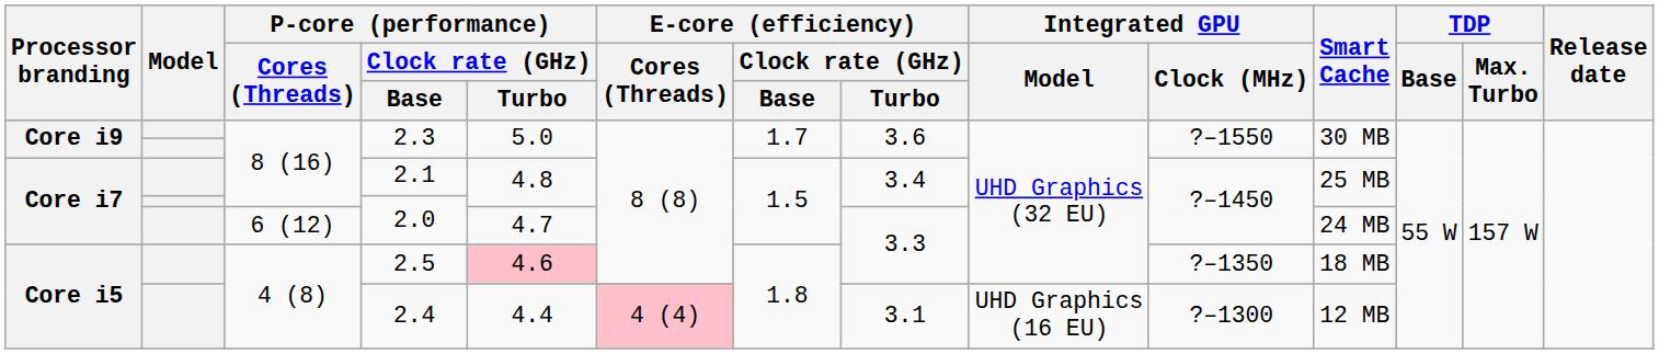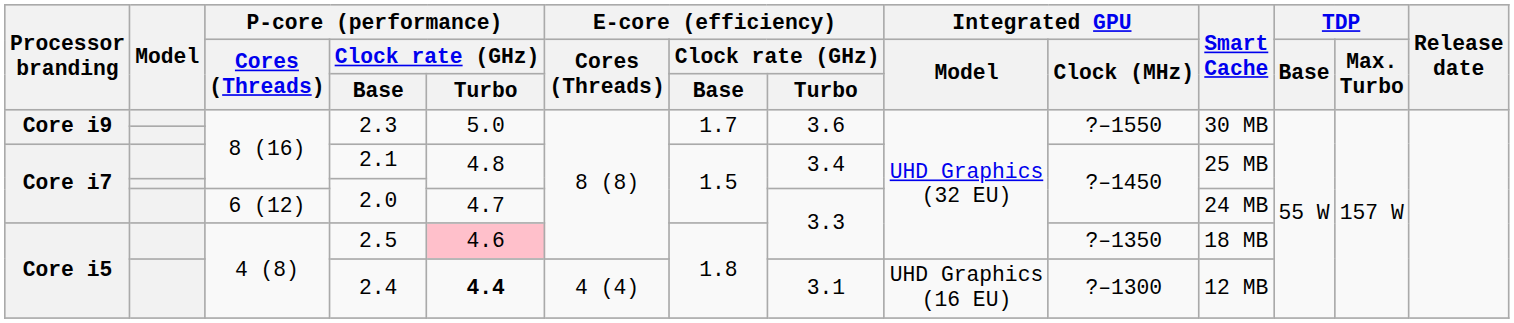 <table class="wikitable sortable nowrap" style="text-align: center;">
 <tr>
 <th class="unsortable" rowspan="3">Processor<br>branding</th>
 <th rowspan="3">Model</th>
 <th colspan="3">P-core (performance)</th>
 <th colspan="3">E-core (efficiency)</th>
 <th colspan="2">Integrated <a href='#'>GPU</a></th>
 <th class="unsortable" rowspan="3"><a href='#'>Smart<br>Cache</a></th>
 <th colspan="2"><a href='#'>TDP</a></th>
 <th rowspan="3">Release<br>date</th>
 </tr>
 <tr>
 <th class="unsortable" rowspan="2"><a href='#'>Cores</a><br>(<a href='#'>Threads</a>)</th>
 <th colspan="2"><a href='#'>Clock rate</a> (GHz)</th>
 <th class="unsortable" rowspan="2">Cores<br>(Threads)</th>
 <th colspan="2">Clock rate (GHz)</th>
 <th class="unsortable" rowspan="2">Model</th>
 <th class="unsortable" rowspan="2">Clock (MHz)</th>
 <th rowspan="2">Base</th>
 <th class="unsortable" rowspan="2">Max.<br>Turbo</th>
 </tr>
 <tr>
 <th class="unsortable">Base</th>
 <th class="unsortable">Turbo</th>
 <th class="unsortable">Base</th>
 <th class="unsortable">Turbo</th>
 </tr>
 <tr>
 <th rowspan="2">Core i9</th>
 <th style="text-align:left;" data-sort-value="sku7"></th>
 <td rowspan="4">8 (16)</td>
 <td rowspan="2">2.3</td>
 <td rowspan="2">5.0</td>
 <td rowspan="6">8 (8)</td>
 <td rowspan="2">1.7</td>
 <td rowspan="2">3.6</td>
 <td rowspan="6"><a href='#'>UHD Graphics</a><br>(32 EU)</td>
 <td rowspan="2">?–1550</td>
 <td rowspan="2">30 MB</td>
 <td rowspan="7">55 W</td>
 <td rowspan="7">157 W</td>
 <td rowspan="7"></td>
 </tr>
 <tr>
 <th style="text-align:left;" data-sort-value="sku6"></th>
 </tr>
 <tr>
 <th rowspan="3">Core i7</th>
 <th style="text-align:left;" data-sort-value="sku5"></th>
 <td>2.1</td>
 <td rowspan="2">4.8</td>
 <td rowspan="3">1.5</td>
 <td rowspan="2">3.4</td>
 <td rowspan="3">?–1450</td>
 <td rowspan="2">25 MB</td>
 </tr>
 <tr>
 <th style="text-align:left;" data-sort-value="sku4"></th>
 <td rowspan="2">2.0</td>
 </tr>
 <tr>
 <th style="text-align:left;" data-sort-value="sku3"></th>
 <td>6 (12)</td>
 <td>4.7</td>
 <td rowspan="2">3.3</td>
 <td>24 MB</td>
 </tr>
 <tr>
 <th rowspan="2">Core i5</th>
 <th style="text-align:left;" data-sort-value="sku2"></th>
 <td rowspan="2">4 (8)</td>
 <td>2.5</td>
 <td style="background: pink;">4.6</td>
 <td rowspan="2">1.8</td>
 <td>?–1350</td>
 <td>18 MB</td>
 </tr>
 <tr>
 <th style="text-align:left;" data-sort-value="sku1"></th>
 <td>2.4</td>
-<td>4.4</td>
-<td style="background: pink;">4 (4)</td>
+<td><strong>4.4</strong></td>
+<td>4 (4)</td>
 <td>3.1</td>
 <td>UHD Graphics<br>(16 EU)</td>
 <td>?–1300</td>
 <td>12 MB</td>
 </tr>
 </table>
